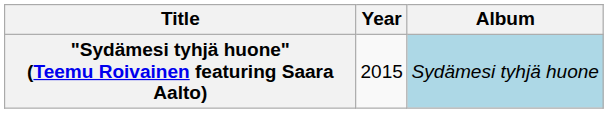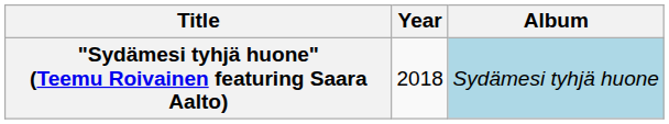 <table class="wikitable plainrowheaders" style="text-align:center;">
 <tr>
 <th scope="col" style="width:18em;">Title</th>
 <th scope="col" style="width:1em;">Year</th>
 <th scope="col">Album</th>
 </tr>
 <tr>
 <th scope="row">"Sydämesi tyhjä huone"<br><span>(<a href='#'>Teemu Roivainen</a> featuring Saara Aalto)</span></th>
-<td>2015</td>
+<td>2018</td>
 <td style="background: lightblue;"><em>Sydämesi tyhjä huone</em></td>
 </tr>
 </table>
